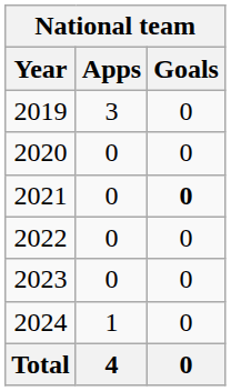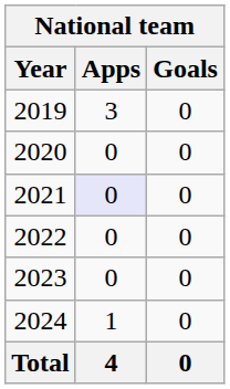 <table class="wikitable" style="text-align:center">
 <tr>
 <th colspan=3>National team</th>
 </tr>
 <tr>
 <th>Year</th>
 <th>Apps</th>
 <th>Goals</th>
 </tr>
 <tr>
 <td>2019</td>
 <td>3</td>
 <td>0</td>
 </tr>
 <tr>
 <td>2020</td>
 <td>0</td>
 <td>0</td>
 </tr>
 <tr>
 <td>2021</td>
+<td style="background: lavender;">0</td>
 <td>0</td>
-<td><strong>0</strong></td>
 </tr>
 <tr>
 <td>2022</td>
 <td>0</td>
 <td>0</td>
 </tr>
 <tr>
 <td>2023</td>
 <td>0</td>
 <td>0</td>
 </tr>
 <tr>
 <td>2024</td>
 <td>1</td>
 <td>0</td>
 </tr>
 <tr>
 <th>Total</th>
 <th>4</th>
 <th>0</th>
 </tr>
 </table>
